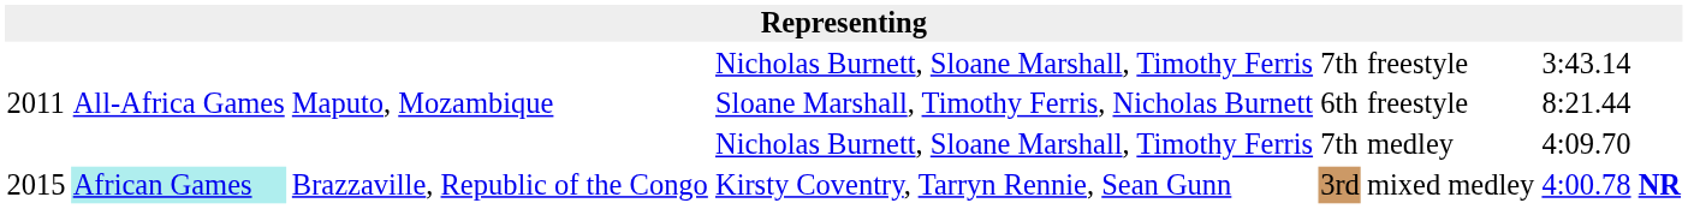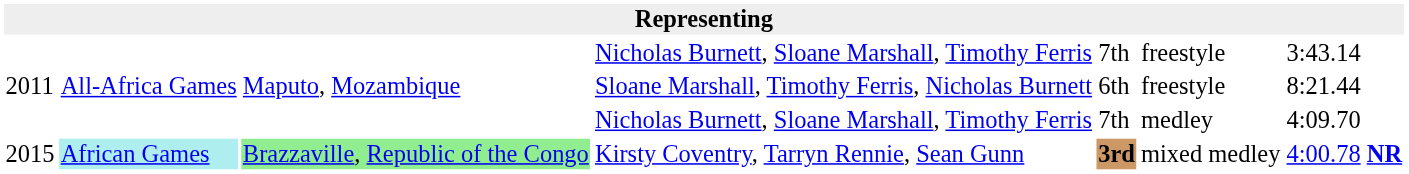 <table>
 <tr>
 <th bgcolor="#eeeeee" colspan="7">Representing </th>
 </tr>
 <tr>
 <td rowspan=3>2011</td>
 <td rowspan=3><a href='#'>All-Africa Games</a></td>
 <td rowspan=3 align=left> <a href='#'>Maputo</a>, <a href='#'>Mozambique</a></td>
 <td><a href='#'>Nicholas Burnett</a>, <a href='#'>Sloane Marshall</a>, <a href='#'>Timothy Ferris</a></td>
 <td>7th</td>
 <td> freestyle</td>
 <td>3:43.14</td>
 </tr>
 <tr>
 <td><a href='#'>Sloane Marshall</a>, <a href='#'>Timothy Ferris</a>, <a href='#'>Nicholas Burnett</a></td>
 <td>6th</td>
 <td> freestyle</td>
 <td>8:21.44</td>
 </tr>
 <tr>
 <td><a href='#'>Nicholas Burnett</a>, <a href='#'>Sloane Marshall</a>, <a href='#'>Timothy Ferris</a></td>
 <td>7th</td>
 <td> medley</td>
 <td>4:09.70</td>
 </tr>
 <tr>
 <td>2015</td>
 <td style="background: paleturquoise;"><a href='#'>African Games</a></td>
-<td align=left> <a href='#'>Brazzaville</a>, <a href='#'>Republic of the Congo</a></td>
+<td align=left style="background: lightgreen;"> <a href='#'>Brazzaville</a>, <a href='#'>Republic of the Congo</a></td>
 <td><a href='#'>Kirsty Coventry</a>, <a href='#'>Tarryn Rennie</a>, <a href='#'>Sean Gunn</a></td>
-<td bgcolor="cc9966">3rd</td>
+<td bgcolor="cc9966"><strong>3rd</strong></td>
 <td> mixed medley</td>
 <td><a href='#'>4:00.78</a> <strong><a href='#'>NR</a></strong></td>
 </tr>
 </table>
